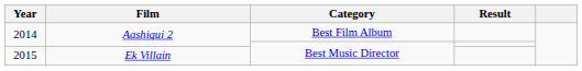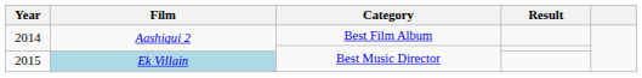 <table class="wikitable sortable">
 <tr>
 <th style="width:5%;">Year</th>
 <th style="width:25%;">Film</th>
 <th style="width:25%;">Category</th>
 <th style="width:10%;">Result</th>
 <th style="width:5%;"></th>
 </tr>
 <tr>
 <td style="text-align:center;" rowspan="2">2014</td>
 <td style="text-align:center;" rowspan="2"><em><a href='#'>Aashiqui 2</a></em></td>
 <td style="text-align:center;"><a href='#'>Best Film Album</a></td>
 <td></td>
 <td rowspan="3"></td>
 </tr>
 <tr>
 <td style="text-align:center;" rowspan="2"><a href='#'>Best Music Director</a></td>
 <td></td>
 </tr>
 <tr>
 <td style="text-align:center;">2015</td>
-<td style="text-align:center;"><em><a href='#'>Ek Villain</a></em></td>
+<td style="background: lightblue; text-align:center;"><em><a href='#'>Ek Villain</a></em></td>
 <td></td>
 </tr>
 </table>
